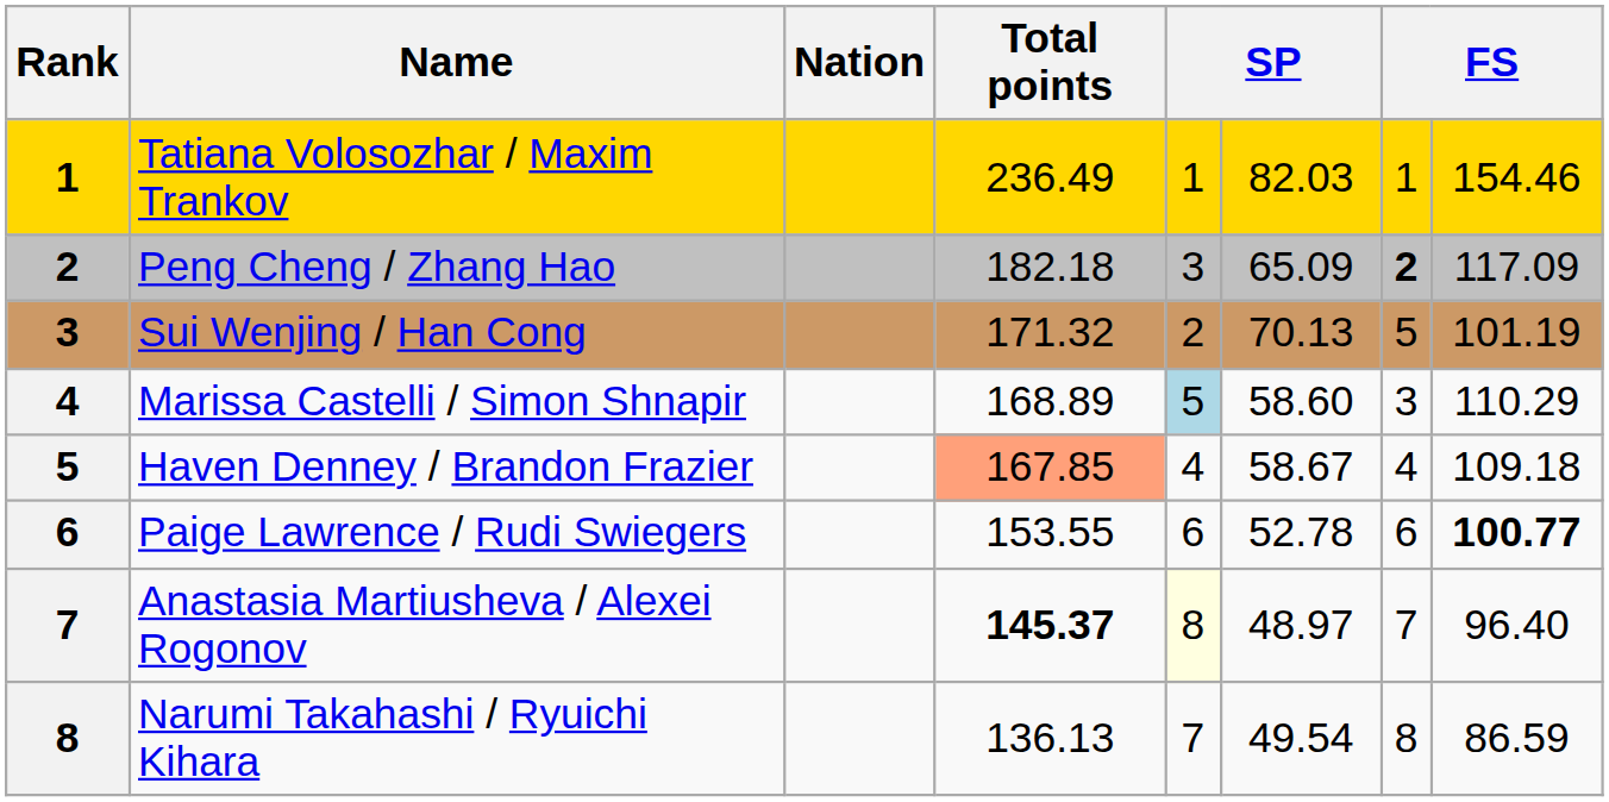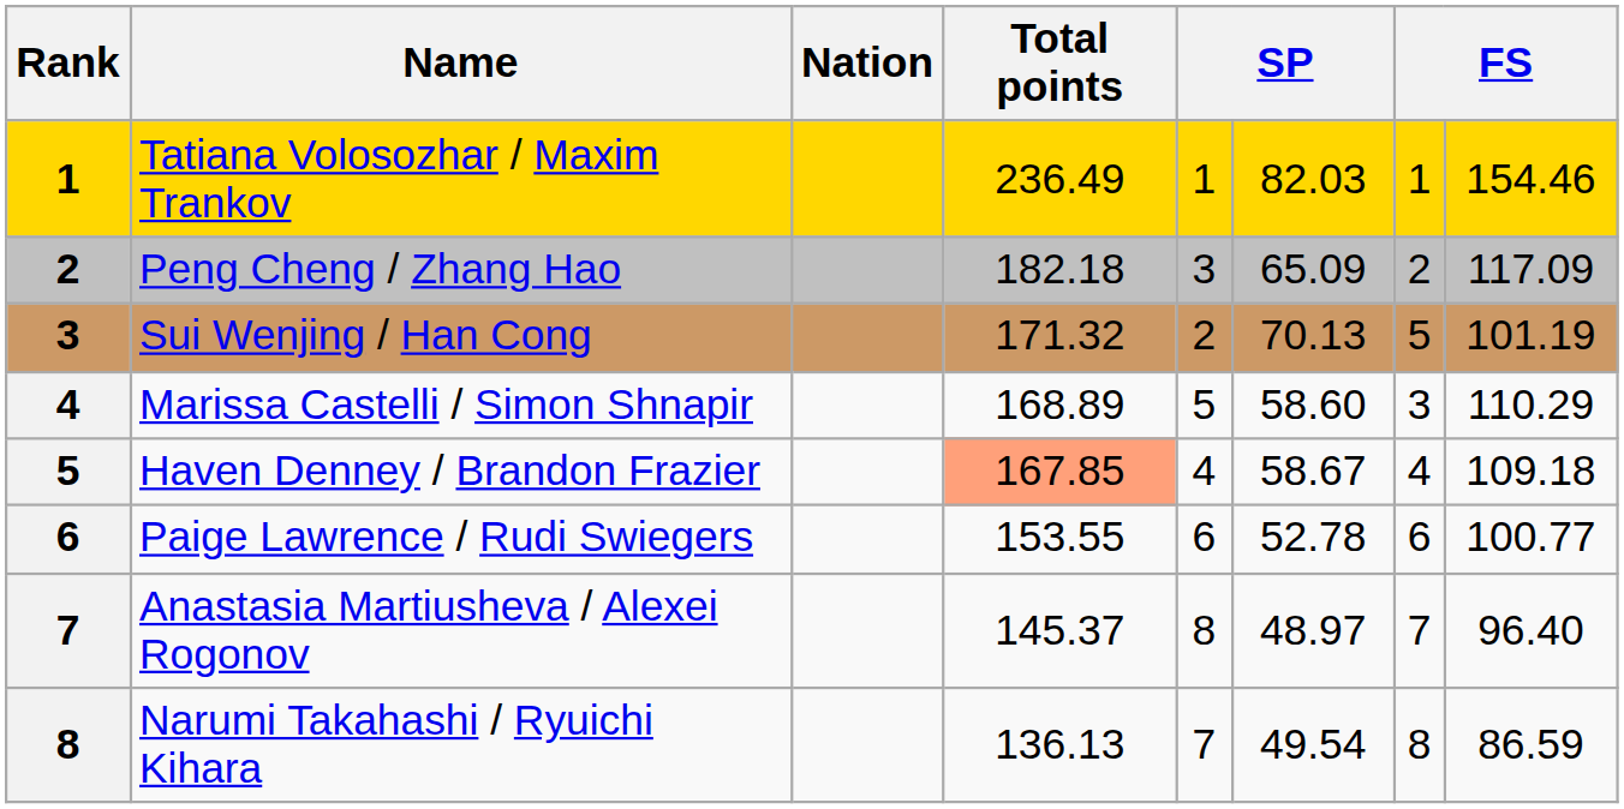 <table class="wikitable sortable">
 <tr>
 <th>Rank</th>
 <th>Name</th>
 <th>Nation</th>
 <th>Total points</th>
 <th colspan="2" width="80px"><a href='#'>SP</a></th>
 <th colspan="2" width="80px"><a href='#'>FS</a></th>
 </tr>
 <tr bgcolor="gold">
 <td align="center"><strong>1</strong></td>
 <td><a href='#'>Tatiana Volosozhar</a> / <a href='#'>Maxim Trankov</a></td>
 <td></td>
 <td align="center">236.49</td>
 <td align="center">1</td>
 <td align="center">82.03</td>
 <td align="center">1</td>
 <td align="center">154.46</td>
 </tr>
 <tr bgcolor="silver">
 <td align="center"><strong>2</strong></td>
 <td><a href='#'>Peng Cheng</a> / <a href='#'>Zhang Hao</a></td>
 <td></td>
 <td align="center">182.18</td>
 <td align="center">3</td>
 <td align="center">65.09</td>
-<td align="center"><strong>2</strong></td>
+<td align="center">2</td>
 <td align="center">117.09</td>
 </tr>
 <tr bgcolor="cc9966">
 <td align="center"><strong>3</strong></td>
 <td><a href='#'>Sui Wenjing</a> / <a href='#'>Han Cong</a></td>
 <td></td>
 <td align="center">171.32</td>
 <td align="center">2</td>
 <td align="center">70.13</td>
 <td align="center">5</td>
 <td align="center">101.19</td>
 </tr>
 <tr>
 <th>4</th>
 <td><a href='#'>Marissa Castelli</a> / <a href='#'>Simon Shnapir</a></td>
 <td></td>
 <td align="center">168.89</td>
-<td align="center" style="background: lightblue;">5</td>
+<td align="center">5</td>
 <td align="center">58.60</td>
 <td align="center">3</td>
 <td align="center">110.29</td>
 </tr>
 <tr>
 <th>5</th>
 <td><a href='#'>Haven Denney</a> / <a href='#'>Brandon Frazier</a></td>
 <td></td>
 <td align="center" style="background: lightsalmon;">167.85</td>
 <td align="center">4</td>
 <td align="center">58.67</td>
 <td align="center">4</td>
 <td align="center">109.18</td>
 </tr>
 <tr>
 <th>6</th>
 <td><a href='#'>Paige Lawrence</a> / <a href='#'>Rudi Swiegers</a></td>
 <td></td>
 <td align="center">153.55</td>
 <td align="center">6</td>
 <td align="center">52.78</td>
 <td align="center">6</td>
-<td align="center"><strong>100.77</strong></td>
+<td align="center">100.77</td>
 </tr>
 <tr>
 <th>7</th>
 <td><a href='#'>Anastasia Martiusheva</a> / <a href='#'>Alexei Rogonov</a></td>
 <td></td>
-<td align="center"><strong>145.37</strong></td>
-<td align="center" style="background: lightyellow;">8</td>
+<td align="center">145.37</td>
+<td align="center">8</td>
 <td align="center">48.97</td>
 <td align="center">7</td>
 <td align="center">96.40</td>
 </tr>
 <tr>
 <th>8</th>
 <td><a href='#'>Narumi Takahashi</a> / <a href='#'>Ryuichi Kihara</a></td>
 <td></td>
 <td align="center">136.13</td>
 <td align="center">7</td>
 <td align="center">49.54</td>
 <td align="center">8</td>
 <td align="center">86.59</td>
 </tr>
 </table>
